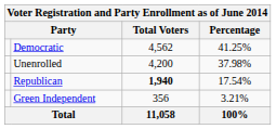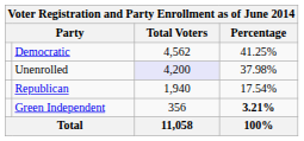 <table class=wikitable>
 <tr>
 <th colspan = 6>Voter Registration and Party Enrollment as of June 2014</th>
 </tr>
 <tr>
 <th colspan = 2>Party</th>
 <th>Total Voters</th>
 <th>Percentage</th>
 </tr>
 <tr>
 <td></td>
 <td><a href='#'>Democratic</a></td>
 <td align = center>4,562</td>
 <td align = center>41.25%</td>
 </tr>
 <tr>
 <td></td>
 <td>Unenrolled</td>
-<td align = center>4,200</td>
+<td align = center style="background: lavender;">4,200</td>
 <td align = center>37.98%</td>
 </tr>
 <tr>
 <td></td>
 <td><a href='#'>Republican</a></td>
-<td align = center><strong>1,940</strong></td>
+<td align = center>1,940</td>
 <td align = center>17.54%</td>
 </tr>
 <tr>
 <td></td>
 <td><a href='#'>Green Independent</a></td>
 <td align = center>356</td>
-<td align = center>3.21%</td>
+<td align = center><strong>3.21%</strong></td>
 </tr>
 <tr>
 <th colspan = 2>Total</th>
 <th align = center>11,058</th>
 <th align = center>100%</th>
 </tr>
 </table>
